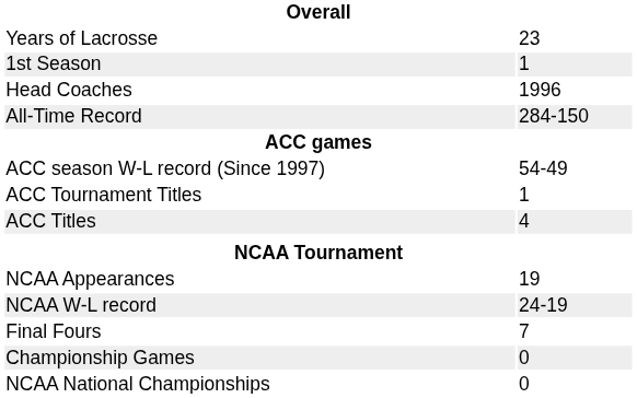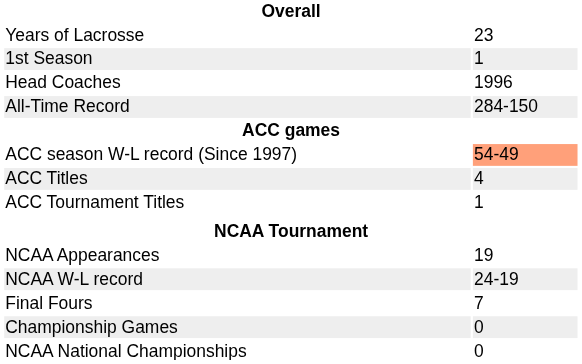 <table width=60% class="toccolours">
 <tr>
 <th colspan=2>Overall</th>
 </tr>
 <tr>
 <td>Years of Lacrosse</td>
 <td>23</td>
 </tr>
 <tr bgcolor=#eeeeee>
 <td>1st Season</td>
 <td>1</td>
 </tr>
 <tr>
 <td>Head Coaches</td>
 <td>1996</td>
 </tr>
 <tr bgcolor=#eeeeee>
 <td>All-Time Record</td>
 <td>284-150</td>
 </tr>
 <tr>
 <th colspan=2>ACC games</th>
 </tr>
 <tr>
 <td>ACC season W-L record (Since 1997)</td>
-<td>54-49</td>
+<td style="background: lightsalmon;">54-49</td>
+</tr>
+<tr bgcolor=#eeeeee>
+<td>ACC Titles</td>
+<td>4</td>
 </tr>
 <tr>
 <td>ACC Tournament Titles</td>
 <td>1</td>
-</tr>
-<tr bgcolor=#eeeeee>
-<td>ACC Titles</td>
-<td>4</td>
 </tr>
 <tr>
 </tr>
 <tr bgcolor=#eeeeee>
 </tr>
 <tr>
 <th colspan=2>NCAA Tournament</th>
 </tr>
 <tr>
 <td>NCAA Appearances</td>
 <td>19</td>
 </tr>
 <tr bgcolor=#eeeeee>
 <td>NCAA W-L record</td>
 <td>24-19</td>
 </tr>
 <tr>
 <td>Final Fours</td>
 <td>7</td>
 </tr>
 <tr bgcolor=#eeeeee>
 <td>Championship Games</td>
 <td>0</td>
 </tr>
 <tr>
 <td>NCAA National Championships</td>
 <td>0</td>
 </tr>
 </table>
